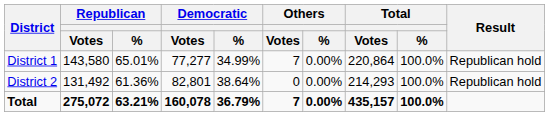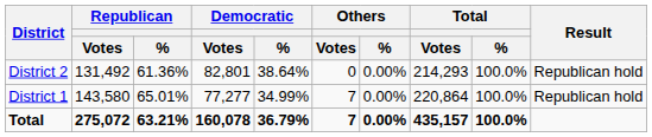 <table class="wikitable plainrowheaders sortable" style="font-size:100%; text-align:right;">
 <tr>
 <th scope=col rowspan=3><a href='#'>District</a></th>
 <th scope=col colspan=2><a href='#'>Republican</a></th>
 <th scope=col colspan=2><a href='#'>Democratic</a></th>
 <th scope=col colspan=2>Others</th>
 <th scope=col colspan=2>Total</th>
 <th scope=col rowspan=3>Result</th>
 </tr>
 <tr>
 <th scope=col colspan=2 style="background:"></th>
 <th scope=col colspan=2 style="background:"></th>
 <th scope=col colspan=2></th>
 <th scope=col colspan=2></th>
 </tr>
 <tr>
 <th scope=col data-sort-type="number">Votes</th>
 <th scope=col data-sort-type="number">%</th>
 <th scope=col data-sort-type="number">Votes</th>
 <th scope=col data-sort-type="number">%</th>
 <th scope=col data-sort-type="number">Votes</th>
 <th scope=col data-sort-type="number">%</th>
 <th scope=col data-sort-type="number">Votes</th>
 <th scope=col data-sort-type="number">%</th>
 </tr>
 <tr>
+<td align=left><a href='#'>District 2</a></td>
+<td>131,492</td>
+<td>61.36%</td>
+<td>82,801</td>
+<td>38.64%</td>
+<td>0</td>
+<td>0.00%</td>
+<td>214,293</td>
+<td>100.0%</td>
+<td align=left>Republican hold</td>
+</tr>
+<tr>
 <td align=left><a href='#'>District 1</a></td>
 <td>143,580</td>
 <td>65.01%</td>
 <td>77,277</td>
 <td>34.99%</td>
 <td>7</td>
 <td>0.00%</td>
 <td>220,864</td>
-<td>100.0%</td>
-<td align=left>Republican hold</td>
-</tr>
-<tr>
-<td align=left><a href='#'>District 2</a></td>
-<td>131,492</td>
-<td>61.36%</td>
-<td>82,801</td>
-<td>38.64%</td>
-<td>0</td>
-<td>0.00%</td>
-<td>214,293</td>
 <td>100.0%</td>
 <td align=left>Republican hold</td>
 </tr>
 <tr class="sortbottom" style="font-weight:bold">
 <td align=left>Total</td>
 <td>275,072</td>
 <td>63.21%</td>
 <td>160,078</td>
 <td>36.79%</td>
 <td>7</td>
 <td>0.00%</td>
 <td>435,157</td>
 <td>100.0%</td>
 <td></td>
 </tr>
 </table>
